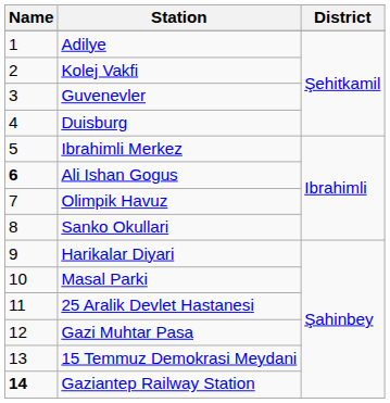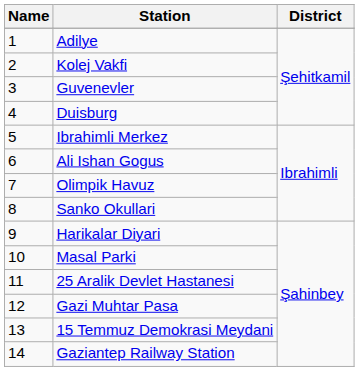 <table class="wikitable">
 <tr>
 <th>Name</th>
 <th>Station</th>
 <th>District</th>
 </tr>
 <tr>
 </tr>
 <tr>
 <td>1</td>
 <td><a href='#'>Adilye</a></td>
 <td rowspan="4"><a href='#'>Şehitkamil</a></td>
 </tr>
 <tr>
 <td>2</td>
 <td><a href='#'>Kolej Vakfi</a></td>
 </tr>
 <tr>
 <td>3</td>
 <td><a href='#'>Guvenevler</a></td>
 </tr>
 <tr>
 <td>4</td>
 <td><a href='#'>Duisburg</a></td>
 </tr>
 <tr>
 <td>5</td>
 <td><a href='#'>Ibrahimli Merkez</a></td>
 <td rowspan="4"><a href='#'>Ibrahimli</a></td>
 </tr>
 <tr>
-<td><strong>6</strong></td>
+<td>6</td>
 <td><a href='#'>Ali Ishan Gogus</a></td>
 </tr>
 <tr>
 <td>7</td>
 <td><a href='#'>Olimpik Havuz</a></td>
 </tr>
 <tr>
 <td>8</td>
 <td><a href='#'>Sanko Okullari</a></td>
 </tr>
 <tr>
 <td>9</td>
 <td><a href='#'>Harikalar Diyari</a></td>
 <td rowspan="6"><a href='#'>Şahinbey</a></td>
 </tr>
 <tr>
 <td>10</td>
 <td><a href='#'>Masal Parki</a></td>
 </tr>
 <tr>
 <td>11</td>
 <td><a href='#'>25 Aralik Devlet Hastanesi</a></td>
 </tr>
 <tr>
 <td>12</td>
 <td><a href='#'>Gazi Muhtar Pasa</a></td>
 </tr>
 <tr>
 <td>13</td>
 <td><a href='#'>15 Temmuz Demokrasi Meydani</a></td>
 </tr>
 <tr>
-<td><strong>14</strong></td>
+<td>14</td>
 <td><a href='#'>Gaziantep Railway Station</a></td>
 </tr>
 </table>
